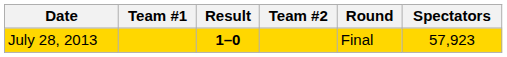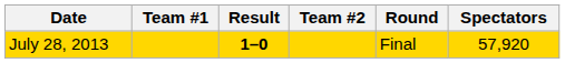 <table class="wikitable" style="text-align:left; width:60%;">
 <tr>
 <th style="text-align:center;">Date</th>
 <th style="text-align:center;">Team #1</th>
 <th style="text-align:center;">Result</th>
 <th style="text-align:center;">Team #2</th>
 <th style="text-align:center;">Round</th>
 <th style="text-align:center;">Spectators</th>
 </tr>
 <tr style="background:gold;">
 <td>July 28, 2013</td>
 <td><strong></strong></td>
 <td style="text-align:center;"><strong>1–0</strong></td>
 <td></td>
 <td>Final</td>
-<td style="text-align:center;">57,923</td>
+<td style="text-align:center;">57,920</td>
 </tr>
 </table>
